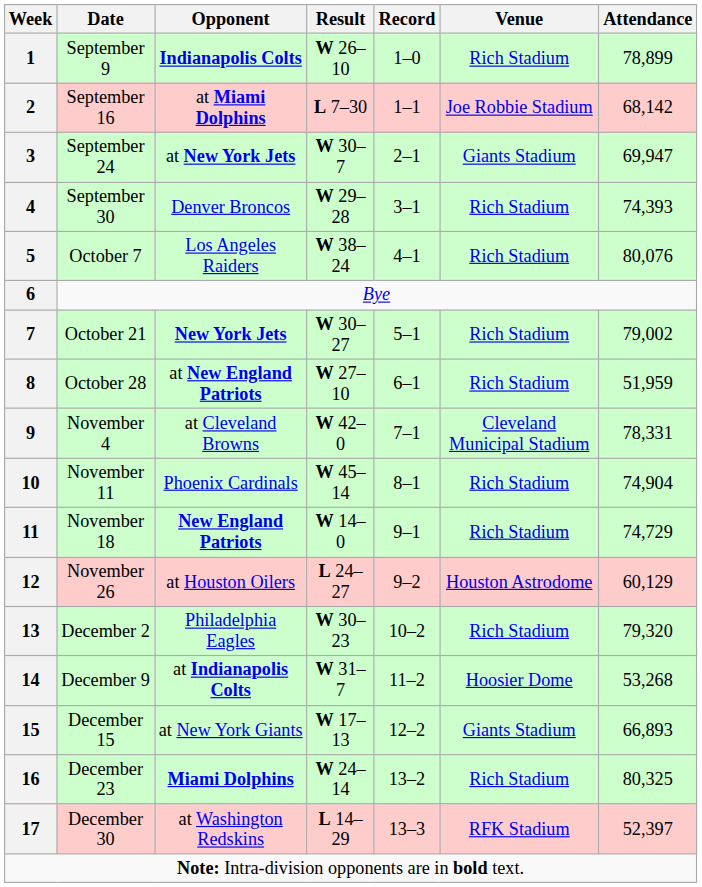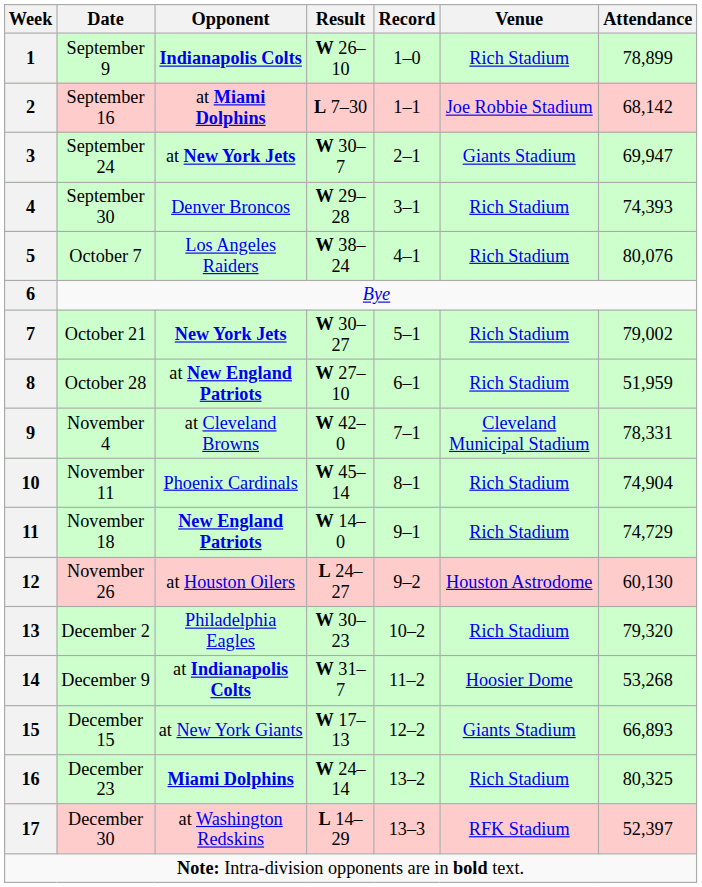 <table class="wikitable" style="text-align:center">
 <tr>
 <th>Week</th>
 <th>Date</th>
 <th>Opponent</th>
 <th>Result</th>
 <th>Record</th>
 <th>Venue</th>
 <th>Attendance</th>
 </tr>
 <tr style="background:#cfc">
 <th>1</th>
 <td>September 9</td>
 <td><strong><a href='#'>Indianapolis Colts</a></strong></td>
 <td><strong>W</strong> 26–10</td>
 <td>1–0</td>
 <td><a href='#'>Rich Stadium</a></td>
 <td>78,899</td>
 </tr>
 <tr style="background:#fcc">
 <th>2</th>
 <td>September 16</td>
 <td>at <strong><a href='#'>Miami Dolphins</a></strong></td>
 <td><strong>L</strong> 7–30</td>
 <td>1–1</td>
 <td><a href='#'>Joe Robbie Stadium</a></td>
 <td>68,142</td>
 </tr>
 <tr style="background:#cfc">
 <th>3</th>
 <td>September 24</td>
 <td>at <strong><a href='#'>New York Jets</a></strong></td>
 <td><strong>W</strong> 30–7</td>
 <td>2–1</td>
 <td><a href='#'>Giants Stadium</a></td>
 <td>69,947</td>
 </tr>
 <tr style="background:#cfc">
 <th>4</th>
 <td>September 30</td>
 <td><a href='#'>Denver Broncos</a></td>
 <td><strong>W</strong> 29–28</td>
 <td>3–1</td>
 <td><a href='#'>Rich Stadium</a></td>
 <td>74,393</td>
 </tr>
 <tr style="background:#cfc">
 <th>5</th>
 <td>October 7</td>
 <td><a href='#'>Los Angeles Raiders</a></td>
 <td><strong>W</strong> 38–24</td>
 <td>4–1</td>
 <td><a href='#'>Rich Stadium</a></td>
 <td>80,076</td>
 </tr>
 <tr>
 <th>6</th>
 <td colspan="6" align="center"><em><a href='#'>Bye</a></em></td>
 </tr>
 <tr style="background:#cfc">
 <th>7</th>
 <td>October 21</td>
 <td><strong><a href='#'>New York Jets</a></strong></td>
 <td><strong>W</strong> 30–27</td>
 <td>5–1</td>
 <td><a href='#'>Rich Stadium</a></td>
 <td>79,002</td>
 </tr>
 <tr style="background:#cfc">
 <th>8</th>
 <td>October 28</td>
 <td>at <strong><a href='#'>New England Patriots</a></strong></td>
 <td><strong>W</strong> 27–10</td>
 <td>6–1</td>
 <td><a href='#'>Rich Stadium</a></td>
 <td>51,959</td>
 </tr>
 <tr style="background:#cfc">
 <th>9</th>
 <td>November 4</td>
 <td>at <a href='#'>Cleveland Browns</a></td>
 <td><strong>W</strong> 42–0</td>
 <td>7–1</td>
 <td><a href='#'>Cleveland Municipal Stadium</a></td>
 <td>78,331</td>
 </tr>
 <tr style="background:#cfc">
 <th>10</th>
 <td>November 11</td>
 <td><a href='#'>Phoenix Cardinals</a></td>
 <td><strong>W</strong> 45–14</td>
 <td>8–1</td>
 <td><a href='#'>Rich Stadium</a></td>
 <td>74,904</td>
 </tr>
 <tr style="background:#cfc">
 <th>11</th>
 <td>November 18</td>
 <td><strong><a href='#'>New England Patriots</a></strong></td>
 <td><strong>W</strong> 14–0</td>
 <td>9–1</td>
 <td><a href='#'>Rich Stadium</a></td>
 <td>74,729</td>
 </tr>
 <tr style="background:#fcc">
 <th>12</th>
 <td>November 26</td>
 <td>at <a href='#'>Houston Oilers</a></td>
 <td><strong>L</strong> 24–27</td>
 <td>9–2</td>
 <td><a href='#'>Houston Astrodome</a></td>
-<td>60,129</td>
+<td>60,130</td>
 </tr>
 <tr style="background:#cfc">
 <th>13</th>
 <td>December 2</td>
 <td><a href='#'>Philadelphia Eagles</a></td>
 <td><strong>W</strong> 30–23</td>
 <td>10–2</td>
 <td><a href='#'>Rich Stadium</a></td>
 <td>79,320</td>
 </tr>
 <tr style="background:#cfc">
 <th>14</th>
 <td>December 9</td>
 <td>at <strong><a href='#'>Indianapolis Colts</a></strong></td>
 <td><strong>W</strong> 31–7</td>
 <td>11–2</td>
 <td><a href='#'>Hoosier Dome</a></td>
 <td>53,268</td>
 </tr>
 <tr style="background:#cfc">
 <th>15</th>
 <td>December 15</td>
 <td>at <a href='#'>New York Giants</a></td>
 <td><strong>W</strong> 17–13</td>
 <td>12–2</td>
 <td><a href='#'>Giants Stadium</a></td>
 <td>66,893</td>
 </tr>
 <tr style="background:#cfc">
 <th>16</th>
 <td>December 23</td>
 <td><strong><a href='#'>Miami Dolphins</a></strong></td>
 <td><strong>W</strong> 24–14</td>
 <td>13–2</td>
 <td><a href='#'>Rich Stadium</a></td>
 <td>80,325</td>
 </tr>
 <tr style="background:#fcc">
 <th>17</th>
 <td>December 30</td>
 <td>at <a href='#'>Washington Redskins</a></td>
 <td><strong>L</strong> 14–29</td>
 <td>13–3</td>
 <td><a href='#'>RFK Stadium</a></td>
 <td>52,397</td>
 </tr>
 <tr>
 <td colspan="8"><strong>Note:</strong> Intra-division opponents are in <strong>bold</strong> text.</td>
 </tr>
 </table>
